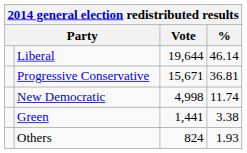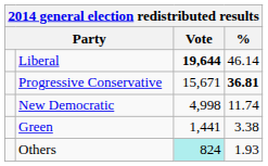 <table class="wikitable">
 <tr>
 <th colspan="4"><a href='#'>2014 general election</a> redistributed results</th>
 </tr>
 <tr>
 <th bgcolor="#DDDDFF" width="130px" colspan="2">Party</th>
 <th bgcolor="#DDDDFF" width="50px">Vote</th>
 <th bgcolor="#DDDDFF" width="30px">%</th>
 </tr>
 <tr>
 <td> </td>
 <td><a href='#'>Liberal</a></td>
-<td align=right>19,644</td>
+<td align=right><strong>19,644</strong></td>
 <td align=right>46.14</td>
 </tr>
 <tr>
 <td> </td>
 <td><a href='#'>Progressive Conservative</a></td>
 <td align=right>15,671</td>
-<td align=right>36.81</td>
+<td align=right><strong>36.81</strong></td>
 </tr>
 <tr>
 <td> </td>
 <td><a href='#'>New Democratic</a></td>
 <td align=right>4,998</td>
 <td align=right>11.74</td>
 </tr>
 <tr>
 <td> </td>
 <td><a href='#'>Green</a></td>
 <td align=right>1,441</td>
 <td align=right>3.38</td>
 </tr>
 <tr>
 <td> </td>
 <td>Others</td>
-<td align=right>824</td>
+<td align=right style="background: paleturquoise;">824</td>
 <td align=right>1.93</td>
 </tr>
 </table>
